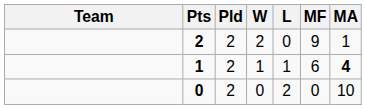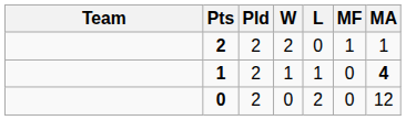 <table class=wikitable style="text-align:center">
 <tr>
 <th width=175>Team</th>
 <th width=20>Pts</th>
 <th width=20>Pld</th>
 <th width=20>W</th>
 <th width=20>L</th>
 <th width=20>MF</th>
 <th width=20>MA</th>
 </tr>
 <tr>
 <td style="text-align:left"></td>
 <td><strong>2</strong></td>
 <td>2</td>
 <td>2</td>
 <td>0</td>
-<td>9</td>
+<td>1</td>
 <td>1</td>
 </tr>
 <tr>
 <td style="text-align:left"></td>
 <td><strong>1</strong></td>
 <td>2</td>
 <td>1</td>
 <td>1</td>
-<td>6</td>
+<td>0</td>
 <td><strong>4</strong></td>
 </tr>
 <tr>
 <td style="text-align:left"></td>
 <td><strong>0</strong></td>
 <td>2</td>
 <td>0</td>
 <td>2</td>
 <td>0</td>
-<td>10</td>
+<td>12</td>
 </tr>
 </table>
